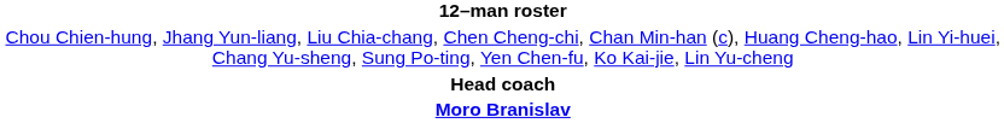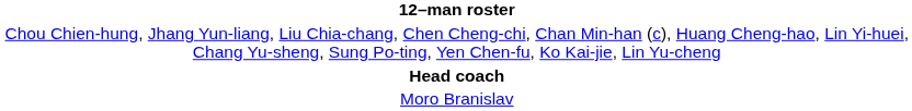 <table style="text-align:center; margin-top:2em; margin-left:auto; margin-right:auto">
 <tr>
 <td><strong>12–man roster</strong></td>
 </tr>
 <tr>
 <td><a href='#'>Chou Chien-hung</a>, <a href='#'>Jhang Yun-liang</a>, <a href='#'>Liu Chia-chang</a>, <a href='#'>Chen Cheng-chi</a>, <a href='#'>Chan Min-han</a> (<a href='#'>c</a>), <a href='#'>Huang Cheng-hao</a>, <a href='#'>Lin Yi-huei</a>, <a href='#'>Chang Yu-sheng</a>, <a href='#'>Sung Po-ting</a>, <a href='#'>Yen Chen-fu</a>, <a href='#'>Ko Kai-jie</a>, <a href='#'>Lin Yu-cheng</a></td>
 </tr>
 <tr>
 <td><strong>Head coach</strong></td>
 </tr>
 <tr>
-<td><strong> <a href='#'>Moro Branislav</a></strong></td>
+<td> <a href='#'>Moro Branislav</a></td>
 </tr>
 </table>
